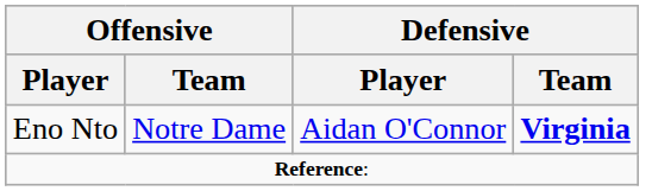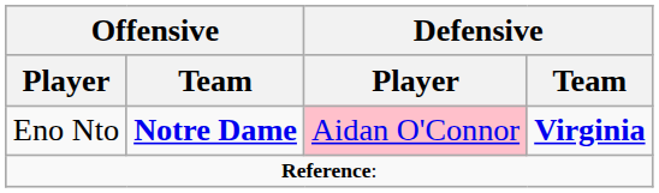 <table class="wikitable" style="text-align: center;">
 <tr>
 <th colspan="2">Offensive</th>
 <th colspan="2">Defensive</th>
 </tr>
 <tr>
 <th>Player</th>
 <th>Team</th>
 <th>Player</th>
 <th>Team</th>
 </tr>
 <tr>
 <td>Eno Nto</td>
-<td><a href='#'>Notre Dame</a></td>
-<td><a href='#'>Aidan O'Connor</a></td>
+<td><strong><a href='#'>Notre Dame</a></strong></td>
+<td style="background: pink;"><a href='#'>Aidan O'Connor</a></td>
 <td><strong><a href='#'>Virginia</a></strong></td>
 </tr>
 <tr>
 <td colspan="4"  style="font-size:8pt; text-align:center;"><strong>Reference</strong>:</td>
 </tr>
 </table>
